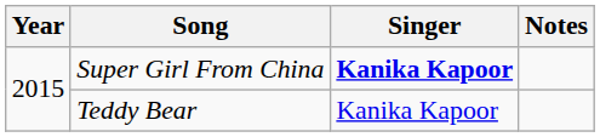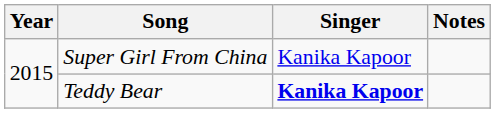 <table class="wikitable sortable ">
 <tr>
 <th>Year</th>
 <th>Song</th>
 <th>Singer</th>
 <th>Notes</th>
 </tr>
 <tr>
 <td rowspan=2>2015</td>
 <td><em>Super Girl From China</em></td>
-<td><strong><a href='#'>Kanika Kapoor</a></strong></td>
+<td><a href='#'>Kanika Kapoor</a></td>
 <td></td>
 </tr>
 <tr>
 <td><em>Teddy Bear</em></td>
-<td><a href='#'>Kanika Kapoor</a></td>
+<td><strong><a href='#'>Kanika Kapoor</a></strong></td>
 <td></td>
 </tr>
 </table>
